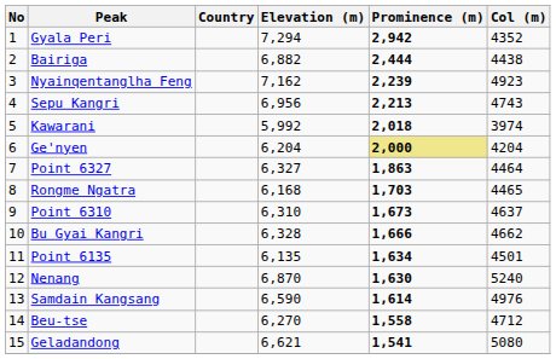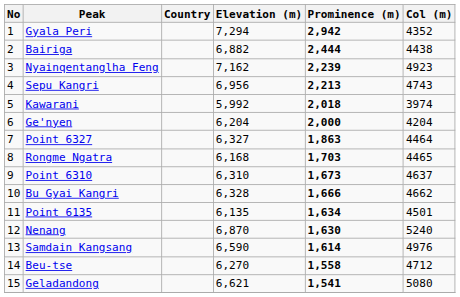 <table class="wikitable sortable">
 <tr>
 <th>No</th>
 <th>Peak</th>
 <th>Country</th>
 <th>Elevation (m)</th>
 <th>Prominence (m)</th>
 <th>Col (m)</th>
 </tr>
 <tr>
 <td>1</td>
 <td><a href='#'>Gyala Peri</a></td>
 <td></td>
 <td>7,294</td>
 <td><strong>2,942</strong></td>
 <td>4352</td>
 </tr>
 <tr>
 <td>2</td>
 <td><a href='#'>Bairiga</a></td>
 <td></td>
 <td>6,882</td>
 <td><strong>2,444</strong></td>
 <td>4438</td>
 </tr>
 <tr>
 <td>3</td>
 <td><a href='#'>Nyainqentanglha Feng</a></td>
 <td></td>
 <td>7,162</td>
 <td><strong>2,239</strong></td>
 <td>4923</td>
 </tr>
 <tr>
 <td>4</td>
 <td><a href='#'>Sepu Kangri</a></td>
 <td></td>
 <td>6,956</td>
 <td><strong>2,213</strong></td>
 <td>4743</td>
 </tr>
 <tr>
 <td>5</td>
 <td><a href='#'>Kawarani</a></td>
 <td></td>
 <td>5,992</td>
 <td><strong>2,018</strong></td>
 <td>3974</td>
 </tr>
 <tr>
 <td>6</td>
 <td><a href='#'>Ge'nyen</a></td>
 <td></td>
 <td>6,204</td>
-<td style="background: khaki;"><strong>2,000</strong></td>
+<td><strong>2,000</strong></td>
 <td>4204</td>
 </tr>
 <tr>
 <td>7</td>
 <td><a href='#'>Point 6327</a></td>
 <td></td>
 <td>6,327</td>
 <td><strong>1,863</strong></td>
 <td>4464</td>
 </tr>
 <tr>
 <td>8</td>
 <td><a href='#'>Rongme Ngatra</a></td>
 <td></td>
 <td>6,168</td>
 <td><strong>1,703</strong></td>
 <td>4465</td>
 </tr>
 <tr>
 <td>9</td>
 <td><a href='#'>Point 6310</a></td>
 <td></td>
 <td>6,310</td>
 <td><strong>1,673</strong></td>
 <td>4637</td>
 </tr>
 <tr>
 <td>10</td>
 <td><a href='#'>Bu Gyai Kangri</a></td>
 <td></td>
 <td>6,328</td>
 <td><strong>1,666</strong></td>
 <td>4662</td>
 </tr>
 <tr>
 <td>11</td>
 <td><a href='#'>Point 6135</a></td>
 <td></td>
 <td>6,135</td>
 <td><strong>1,634</strong></td>
 <td>4501</td>
 </tr>
 <tr>
 <td>12</td>
 <td><a href='#'>Nenang</a></td>
 <td></td>
 <td>6,870</td>
 <td><strong>1,630</strong></td>
 <td>5240</td>
 </tr>
 <tr>
 <td>13</td>
 <td><a href='#'>Samdain Kangsang</a></td>
 <td></td>
 <td>6,590</td>
 <td><strong>1,614</strong></td>
 <td>4976</td>
 </tr>
 <tr>
 <td>14</td>
 <td><a href='#'>Beu-tse</a></td>
 <td></td>
 <td>6,270</td>
 <td><strong>1,558</strong></td>
 <td>4712</td>
 </tr>
 <tr>
 <td>15</td>
 <td><a href='#'>Geladandong</a></td>
 <td></td>
 <td>6,621</td>
 <td><strong>1,541</strong></td>
 <td>5080</td>
 </tr>
 <tr>
 </tr>
 </table>
